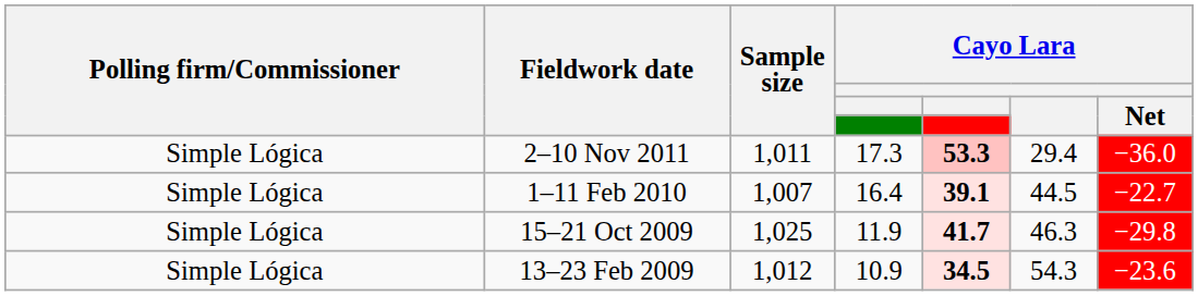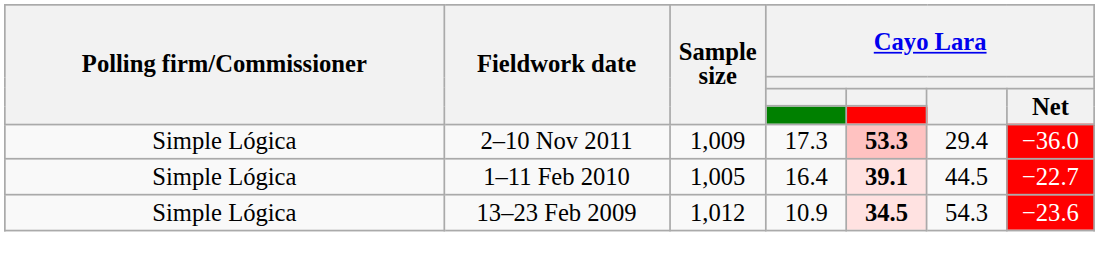 <table class="wikitable collapsible collapsed" style="text-align:center; font-size:90%; line-height:14px;">
 <tr style="height:42px;">
 <th style="width:250px;" rowspan="4">Polling firm/Commissioner</th>
 <th style="width:125px;" rowspan="4">Fieldwork date</th>
 <th style="width:50px;" rowspan="4">Sample size</th>
 <th style="width:185px;" colspan="4"><a href='#'>Cayo Lara</a><br></th>
 </tr>
 <tr>
 <th colspan="4" style="background:"></th>
 </tr>
 <tr>
 <th style="width:30px;"></th>
 <th style="width:30px;"></th>
 <th style="width:30px;" rowspan="2"></th>
 <th style="width:30px;" rowspan="2">Net</th>
 </tr>
 <tr>
 <th style="color:inherit;background:#008000;"></th>
 <th style="color:inherit;background:#FF0000;"></th>
 </tr>
 <tr>
 <td>Simple Lógica</td>
 <td>2–10 Nov 2011</td>
-<td>1,011</td>
+<td>1,009</td>
 <td>17.3</td>
 <td style="background:#FFC2C1;"><strong>53.3</strong></td>
 <td>29.4</td>
 <td style="background:#FF0000; color:white;">−36.0</td>
 </tr>
 <tr>
 <td>Simple Lógica</td>
 <td>1–11 Feb 2010</td>
-<td>1,007</td>
+<td>1,005</td>
 <td>16.4</td>
 <td style="background:#FFE2E1;"><strong>39.1</strong></td>
 <td>44.5</td>
 <td style="background:#FF0000; color:white;">−22.7</td>
-</tr>
-<tr>
-<td>Simple Lógica</td>
-<td>15–21 Oct 2009</td>
-<td>1,025</td>
-<td>11.9</td>
-<td style="background:#FFE2E1;"><strong>41.7</strong></td>
-<td>46.3</td>
-<td style="background:#FF0000; color:white;">−29.8</td>
 </tr>
 <tr>
 <td>Simple Lógica</td>
 <td>13–23 Feb 2009</td>
 <td>1,012</td>
 <td>10.9</td>
 <td style="background:#FFE2E1;"><strong>34.5</strong></td>
 <td>54.3</td>
 <td style="background:#FF0000; color:white;">−23.6</td>
 </tr>
 </table>
